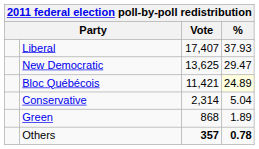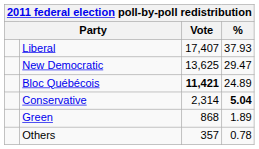 <table class="wikitable">
 <tr>
 <th colspan="4"><a href='#'>2011 federal election</a> poll-by-poll redistribution </th>
 </tr>
 <tr>
 <th bgcolor="#DDDDFF" width="130px" colspan="2">Party</th>
 <th bgcolor="#DDDDFF" width="50px">Vote</th>
 <th bgcolor="#DDDDFF" width="30px">%</th>
 </tr>
 <tr>
 <td> </td>
 <td><a href='#'>Liberal</a></td>
 <td align=right>17,407</td>
 <td align=right>37.93</td>
 </tr>
 <tr>
 <td> </td>
 <td><a href='#'>New Democratic</a></td>
 <td align=right>13,625</td>
 <td align=right>29.47</td>
 </tr>
 <tr>
 <td> </td>
 <td><a href='#'>Bloc Québécois</a></td>
-<td align=right>11,421</td>
-<td align=right style="background: lightyellow;">24.89</td>
+<td align=right><strong>11,421</strong></td>
+<td align=right>24.89</td>
 </tr>
 <tr>
 <td> </td>
 <td><a href='#'>Conservative</a></td>
 <td align=right>2,314</td>
-<td align=right>5.04</td>
+<td align=right><strong>5.04</strong></td>
 </tr>
 <tr>
 <td> </td>
 <td><a href='#'>Green</a></td>
 <td align=right>868</td>
 <td align=right>1.89</td>
 </tr>
 <tr>
 <td> </td>
 <td>Others</td>
-<td align=right><strong>357</strong></td>
-<td align=right><strong>0.78</strong></td>
+<td align=right>357</td>
+<td align=right>0.78</td>
 </tr>
 </table>
